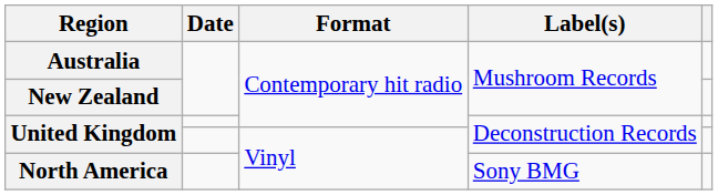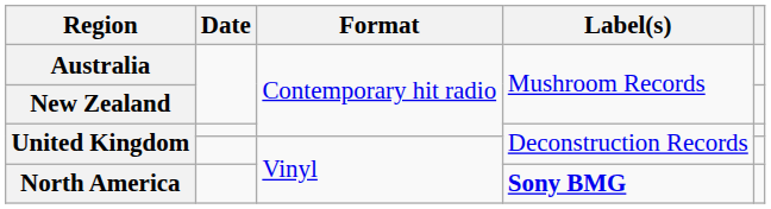 <table class="wikitable plainrowheaders">
 <tr>
 <th scope="col">Region</th>
 <th scope="col">Date</th>
 <th scope="col">Format</th>
 <th scope="col">Label(s)</th>
 <th scope="col"></th>
 </tr>
 <tr>
 <th scope="row">Australia</th>
 <td rowspan="2"></td>
 <td rowspan="3"><a href='#'>Contemporary hit radio</a></td>
 <td rowspan="2"><a href='#'>Mushroom Records</a></td>
 <td></td>
 </tr>
 <tr>
 <th scope="row">New Zealand</th>
 <td></td>
 </tr>
 <tr>
 <th scope="row" rowspan="2">United Kingdom</th>
 <td></td>
 <td rowspan="2"><a href='#'>Deconstruction Records</a></td>
 <td></td>
 </tr>
 <tr>
 <td></td>
 <td rowspan="2"><a href='#'>Vinyl</a></td>
 </tr>
 <tr>
 <th scope="row">North America</th>
 <td></td>
-<td><a href='#'>Sony BMG</a></td>
+<td><strong><a href='#'>Sony BMG</a></strong></td>
 <td></td>
 </tr>
 </table>
